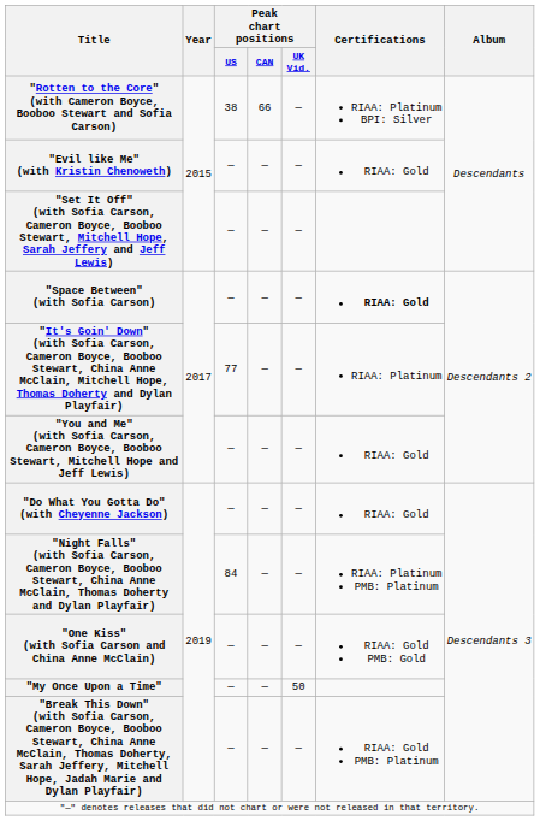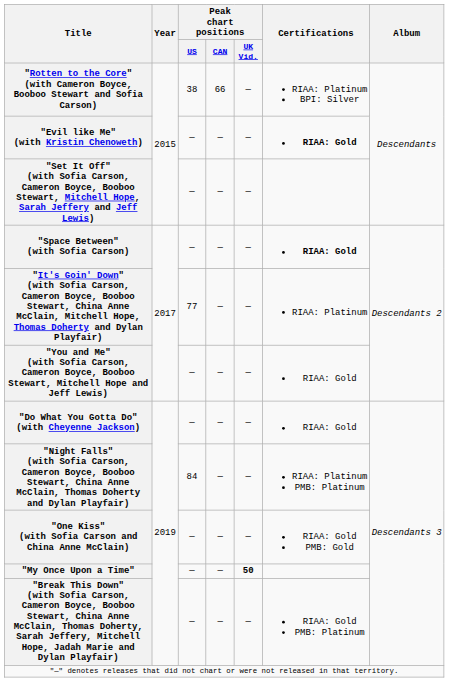 <table class="wikitable plainrowheaders" style="text-align:center">
 <tr>
 <th scope="col" rowspan="2" style="width:16em;">Title</th>
 <th scope="col" rowspan="2">Year</th>
 <th scope="col" colspan="3">Peak<br>chart<br>positions</th>
 <th scope="col" rowspan="2">Certifications</th>
 <th scope="col" rowspan="2">Album</th>
 </tr>
 <tr>
 <th scope="col" style="width:3em;font-size:90%;"><a href='#'>US</a><br></th>
 <th scope="col" style="width:3em;font-size:90%;"><a href='#'>CAN</a><br></th>
 <th scope="col" style="width:3em;font-size:90%;"><a href='#'>UK Vid.</a><br></th>
 </tr>
 <tr>
 <th scope="row">"<a href='#'>Rotten to the Core</a>"<br><span>(with Cameron Boyce, Booboo Stewart and Sofia Carson)</span></th>
 <td rowspan="3">2015</td>
 <td>38<br></td>
 <td>66<br></td>
 <td>—</td>
 <td><br><ul><li>RIAA: Platinum</li><li>BPI: Silver</li></ul></td>
 <td rowspan="3"><em>Descendants</em></td>
 </tr>
 <tr>
 <th scope="row">"Evil like Me"<br><span>(with <a href='#'>Kristin Chenoweth</a>)</span></th>
 <td>—</td>
 <td>—</td>
 <td>—</td>
-<td><br><ul><li>RIAA: Gold</li></ul></td>
+<td><strong><br><ul><li>RIAA: Gold</li></ul></strong></td>
 </tr>
 <tr>
 <th scope="row">"Set It Off"<br><span>(with Sofia Carson, Cameron Boyce, Booboo Stewart, <a href='#'>Mitchell Hope</a>, <a href='#'>Sarah Jeffery</a> and <a href='#'>Jeff Lewis</a>)</span></th>
 <td>—</td>
 <td>—</td>
 <td>—</td>
 <td></td>
 </tr>
 <tr>
 <th scope="row">"Space Between"<br><span>(with Sofia Carson)</span></th>
 <td rowspan="3">2017</td>
 <td>—</td>
 <td>—</td>
 <td>—</td>
 <td><strong><br><ul><li>RIAA: Gold</li></ul></strong></td>
 <td rowspan="3"><em>Descendants 2</em></td>
 </tr>
 <tr>
 <th scope="row">"<a href='#'>It's Goin' Down</a>"<br><span>(with Sofia Carson, Cameron Boyce, Booboo Stewart, China Anne McClain, Mitchell Hope, <a href='#'>Thomas Doherty</a> and Dylan Playfair)</span></th>
 <td>77<br></td>
 <td>—</td>
 <td>—</td>
 <td><br><ul><li>RIAA: Platinum</li></ul></td>
 </tr>
 <tr>
 <th scope="row">"You and Me"<br><span>(with Sofia Carson, Cameron Boyce, Booboo Stewart, Mitchell Hope and Jeff Lewis)</span></th>
 <td>—</td>
 <td>—</td>
 <td>—</td>
 <td><br><ul><li>RIAA: Gold</li></ul></td>
 </tr>
 <tr>
 <th scope="row">"Do What You Gotta Do"<br><span>(with <a href='#'>Cheyenne Jackson</a>)</span></th>
 <td rowspan="5">2019</td>
 <td>—</td>
 <td>—</td>
 <td>—</td>
 <td><br><ul><li>RIAA: Gold</li></ul></td>
 <td rowspan="5"><em>Descendants 3</em></td>
 </tr>
 <tr>
 <th scope="row">"Night Falls"<br><span>(with Sofia Carson, Cameron Boyce, Booboo Stewart, China Anne McClain, Thomas Doherty and Dylan Playfair)</span></th>
 <td>84<br></td>
 <td>—</td>
 <td>—</td>
 <td><br><ul><li>RIAA: Platinum</li><li>PMB: Platinum</li></ul></td>
 </tr>
 <tr>
 <th scope="row">"One Kiss"<br><span>(with Sofia Carson and China Anne McClain)</span></th>
 <td>—</td>
 <td>—</td>
 <td>—</td>
 <td><br><ul><li>RIAA: Gold</li><li>PMB: Gold</li></ul></td>
 </tr>
 <tr>
 <th scope="row">"My Once Upon a Time"</th>
 <td>—</td>
 <td>—</td>
-<td>50</td>
+<td><strong>50</strong></td>
 </tr>
 <tr>
 <th scope="row">"Break This Down"<br><span>(with Sofia Carson, Cameron Boyce, Booboo Stewart, China Anne McClain, Thomas Doherty, Sarah Jeffery, Mitchell Hope, Jadah Marie and Dylan Playfair)</span></th>
 <td>—</td>
 <td>—</td>
 <td>—</td>
 <td><br><ul><li>RIAA: Gold</li><li>PMB: Platinum</li></ul></td>
 </tr>
 <tr>
 <td colspan="11" align="center" style="font-size:8pt">"—" denotes releases that did not chart or were not released in that territory.</td>
 </tr>
 </table>
